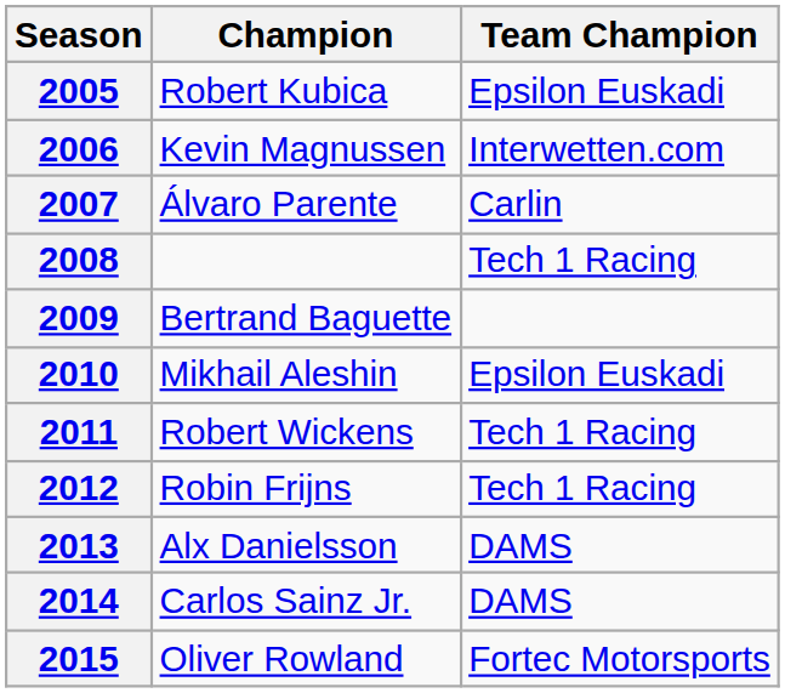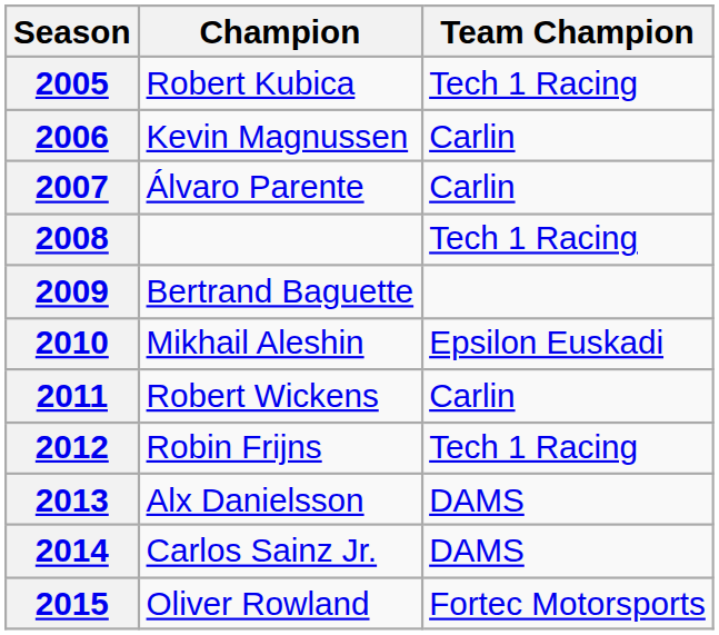 <table class="wikitable" style="font-size: 85%;">
 <tr>
 <th>Season</th>
 <th>Champion</th>
 <th>Team Champion</th>
 </tr>
 <tr>
 <th><a href='#'>2005</a></th>
 <td> <a href='#'>Robert Kubica</a></td>
-<td> <a href='#'>Epsilon Euskadi</a></td>
+<td> <a href='#'>Tech 1 Racing</a></td>
 </tr>
 <tr>
 <th><a href='#'>2006</a></th>
 <td> <a href='#'>Kevin Magnussen</a></td>
-<td> <a href='#'>Interwetten.com</a></td>
+<td> <a href='#'>Carlin</a></td>
 </tr>
 <tr>
 <th><a href='#'>2007</a></th>
 <td> <a href='#'>Álvaro Parente</a></td>
 <td> <a href='#'>Carlin</a></td>
 </tr>
 <tr>
 <th><a href='#'>2008</a></th>
 <td></td>
 <td> <a href='#'>Tech 1 Racing</a></td>
 </tr>
 <tr>
 <th><a href='#'>2009</a></th>
 <td> <a href='#'>Bertrand Baguette</a></td>
 <td></td>
 </tr>
 <tr>
 <th><a href='#'>2010</a></th>
 <td> <a href='#'>Mikhail Aleshin</a></td>
 <td> <a href='#'>Epsilon Euskadi</a></td>
 </tr>
 <tr>
 <th><a href='#'>2011</a></th>
 <td> <a href='#'>Robert Wickens</a></td>
-<td> <a href='#'>Tech 1 Racing</a></td>
+<td> <a href='#'>Carlin</a></td>
 </tr>
 <tr>
 <th><a href='#'>2012</a></th>
 <td> <a href='#'>Robin Frijns</a></td>
 <td> <a href='#'>Tech 1 Racing</a></td>
 </tr>
 <tr>
 <th><a href='#'>2013</a></th>
 <td> <a href='#'>Alx Danielsson</a></td>
 <td> <a href='#'>DAMS</a></td>
 </tr>
 <tr>
 <th><a href='#'>2014</a></th>
 <td> <a href='#'>Carlos Sainz Jr.</a></td>
 <td> <a href='#'>DAMS</a></td>
 </tr>
 <tr>
 <th><a href='#'>2015</a></th>
 <td> <a href='#'>Oliver Rowland</a></td>
 <td> <a href='#'>Fortec Motorsports</a></td>
 </tr>
 </table>
